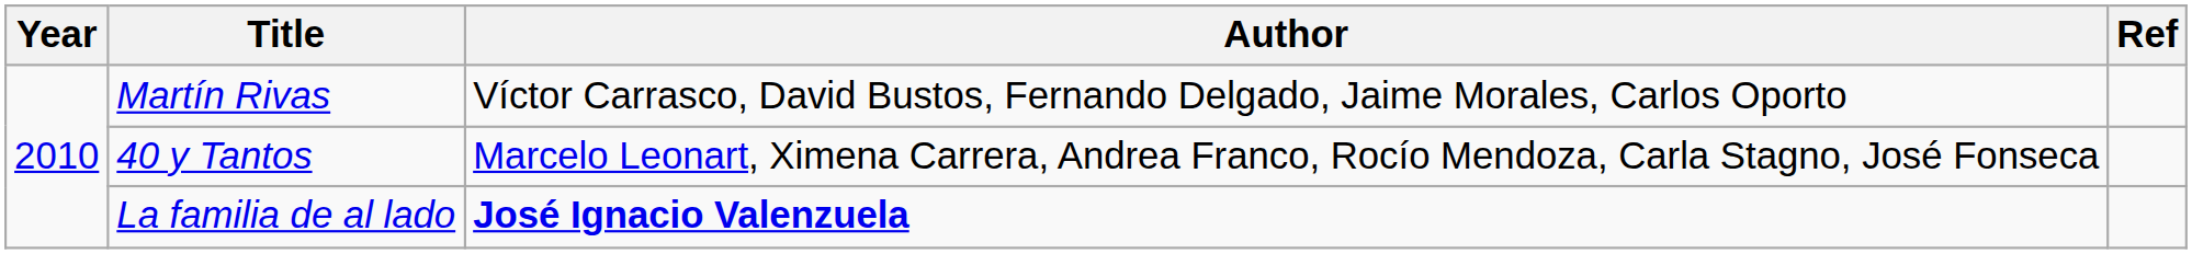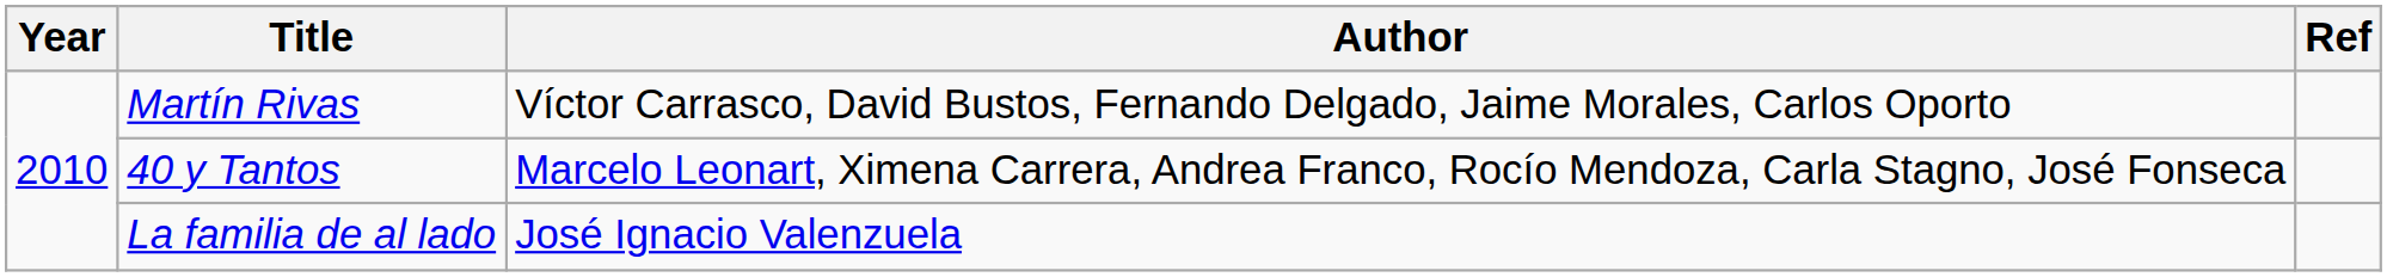 <table class="wikitable sortable">
 <tr>
 <th>Year</th>
 <th>Title</th>
 <th>Author</th>
 <th>Ref</th>
 </tr>
 <tr>
 <td rowspan="3"><a href='#'>2010</a></td>
 <td><em><a href='#'>Martín Rivas</a></em></td>
 <td>Víctor Carrasco, David Bustos, Fernando Delgado, Jaime Morales, Carlos Oporto</td>
 <td></td>
 </tr>
 <tr>
 <td><em><a href='#'>40 y Tantos</a></em></td>
 <td><a href='#'>Marcelo Leonart</a>, Ximena Carrera, Andrea Franco, Rocío Mendoza, Carla Stagno, José Fonseca</td>
 <td></td>
 </tr>
 <tr>
 <td><em><a href='#'>La familia de al lado</a></em></td>
-<td><strong><a href='#'>José Ignacio Valenzuela</a></strong></td>
+<td><a href='#'>José Ignacio Valenzuela</a></td>
 <td></td>
 </tr>
 </table>
